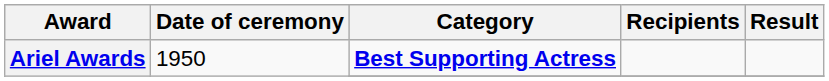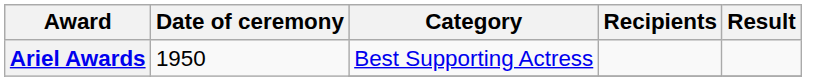 <table class="wikitable plainrowheaders sortable">
 <tr style="background:#ccc; text-align:center;">
 <th scope="col">Award</th>
 <th scope="col">Date of ceremony</th>
 <th scope="col">Category</th>
 <th scope="col">Recipients</th>
 <th scope="col">Result</th>
 </tr>
 <tr>
 <th scope="row" rowspan="7"><a href='#'>Ariel Awards</a></th>
 <td rowspan="7">1950</td>
-<td><strong><a href='#'>Best Supporting Actress</a></strong></td>
+<td><a href='#'>Best Supporting Actress</a></td>
 <td></td>
 <td></td>
 </tr>
 <tr>
 </tr>
 </table>
